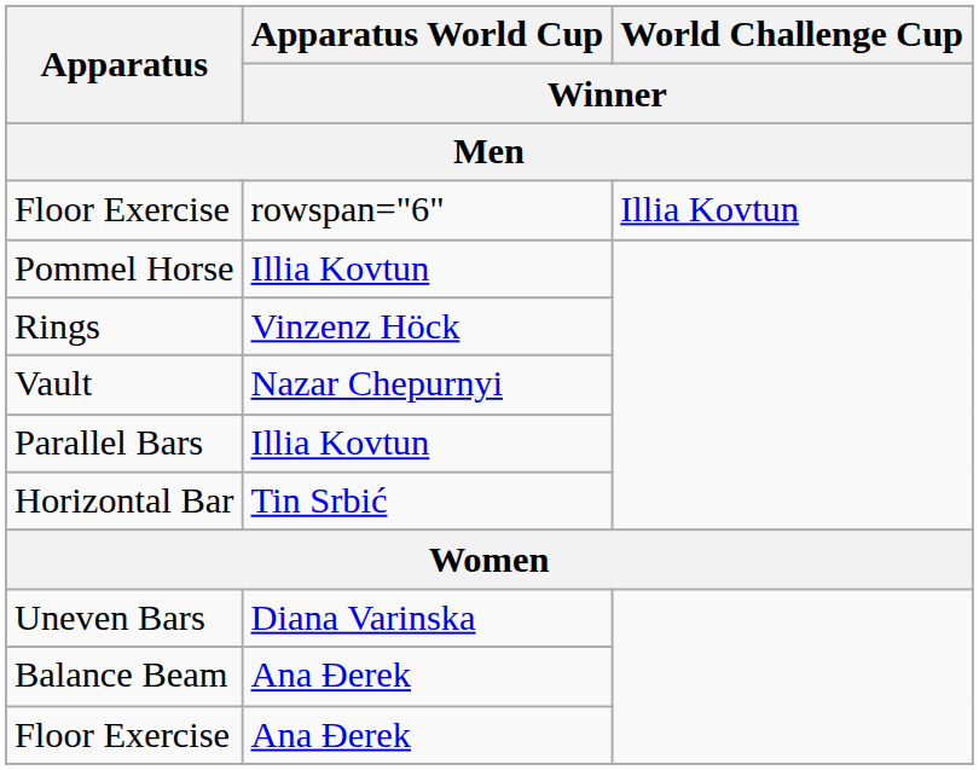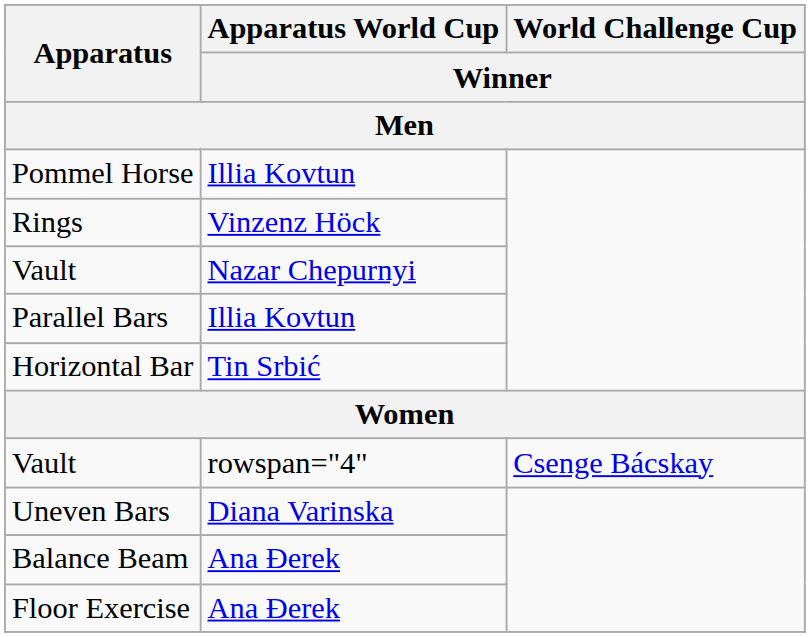 <table class="wikitable">
 <tr>
 <th rowspan="2">Apparatus</th>
 <th>Apparatus World Cup</th>
 <th>World Challenge Cup</th>
 </tr>
 <tr>
 <th colspan="2">Winner</th>
 </tr>
 <tr>
 <th colspan="3">Men</th>
-</tr>
-<tr>
-<td>Floor Exercise</td>
-<td>rowspan="6" </td>
-<td> <a href='#'>Illia Kovtun</a></td>
 </tr>
 <tr>
 <td>Pommel Horse</td>
 <td> <a href='#'>Illia Kovtun</a></td>
 </tr>
 <tr>
 <td>Rings</td>
 <td> <a href='#'>Vinzenz Höck</a></td>
 </tr>
 <tr>
 <td>Vault</td>
 <td> <a href='#'>Nazar Chepurnyi</a></td>
 </tr>
 <tr>
 <td>Parallel Bars</td>
 <td> <a href='#'>Illia Kovtun</a></td>
 </tr>
 <tr>
 <td>Horizontal Bar</td>
 <td> <a href='#'>Tin Srbić</a></td>
 </tr>
 <tr>
 <th colspan="3">Women</th>
 </tr>
 <tr>
+<td>Vault</td>
+<td>rowspan="4" </td>
+<td> <a href='#'>Csenge Bácskay</a></td>
+</tr>
+<tr>
 <td>Uneven Bars</td>
 <td> <a href='#'>Diana Varinska</a></td>
 </tr>
 <tr>
 <td>Balance Beam</td>
 <td> <a href='#'>Ana Đerek</a></td>
 </tr>
 <tr>
 <td>Floor Exercise</td>
 <td> <a href='#'>Ana Đerek</a></td>
 </tr>
 </table>
